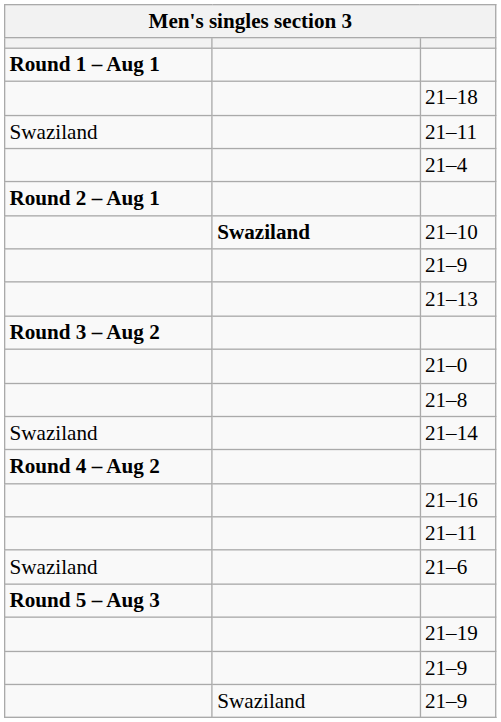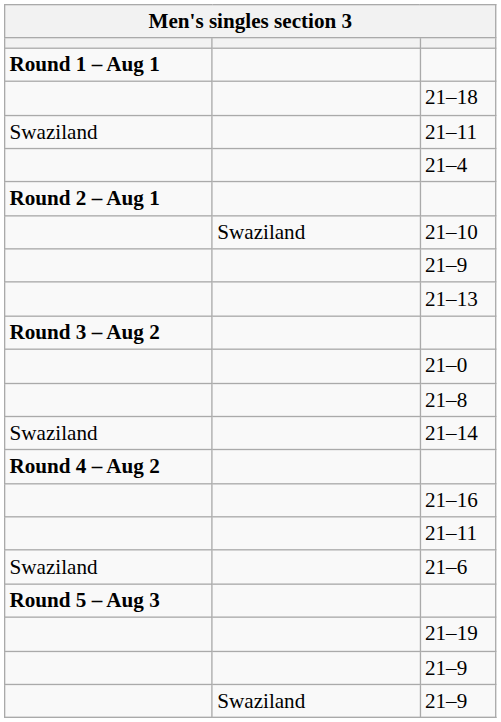 <table class="wikitable">
 <tr>
 <th colspan="3">Men's singles section 3</th>
 </tr>
 <tr>
 <th width=150></th>
 <th width=150></th>
 <th width=50></th>
 </tr>
 <tr>
 <td><strong>Round 1 – Aug 1</strong></td>
 <td></td>
 <td></td>
 </tr>
 <tr>
 <td></td>
 <td></td>
 <td>21–18</td>
 </tr>
 <tr>
 <td> Swaziland</td>
 <td></td>
 <td>21–11</td>
 </tr>
 <tr>
 <td></td>
 <td></td>
 <td>21–4</td>
 </tr>
 <tr>
 <td><strong>Round 2 – Aug 1</strong></td>
 <td></td>
 <td></td>
 </tr>
 <tr>
 <td></td>
-<td><strong> Swaziland</strong></td>
+<td> Swaziland</td>
 <td>21–10</td>
 </tr>
 <tr>
 <td></td>
 <td></td>
 <td>21–9</td>
 </tr>
 <tr>
 <td></td>
 <td></td>
 <td>21–13</td>
 </tr>
 <tr>
 <td><strong>Round 3 – Aug 2</strong></td>
 <td></td>
 <td></td>
 </tr>
 <tr>
 <td></td>
 <td></td>
 <td>21–0</td>
 </tr>
 <tr>
 <td></td>
 <td></td>
 <td>21–8</td>
 </tr>
 <tr>
 <td> Swaziland</td>
 <td></td>
 <td>21–14</td>
 </tr>
 <tr>
 <td><strong>Round 4 – Aug 2</strong></td>
 <td></td>
 <td></td>
 </tr>
 <tr>
 <td></td>
 <td></td>
 <td>21–16</td>
 </tr>
 <tr>
 <td></td>
 <td></td>
 <td>21–11</td>
 </tr>
 <tr>
 <td> Swaziland</td>
 <td></td>
 <td>21–6</td>
 </tr>
 <tr>
 <td><strong>Round 5 – Aug 3</strong></td>
 <td></td>
 <td></td>
 </tr>
 <tr>
 <td></td>
 <td></td>
 <td>21–19</td>
 </tr>
 <tr>
 <td></td>
 <td></td>
 <td>21–9</td>
 </tr>
 <tr>
 <td></td>
 <td> Swaziland</td>
 <td>21–9</td>
 </tr>
 <tr>
 </tr>
 </table>
